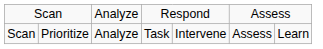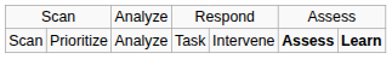 <table class="wikitable floatright" style="text-align: center;">
 <tr>
 <td colspan="2">Scan</td>
 <td>Analyze</td>
 <td colspan="2">Respond</td>
 <td colspan="2">Assess</td>
 </tr>
 <tr>
 <td>Scan</td>
 <td>Prioritize</td>
 <td>Analyze</td>
 <td>Task</td>
 <td>Intervene</td>
-<td>Assess</td>
-<td>Learn</td>
+<td><strong>Assess</strong></td>
+<td><strong>Learn</strong></td>
 </tr>
 </table>
